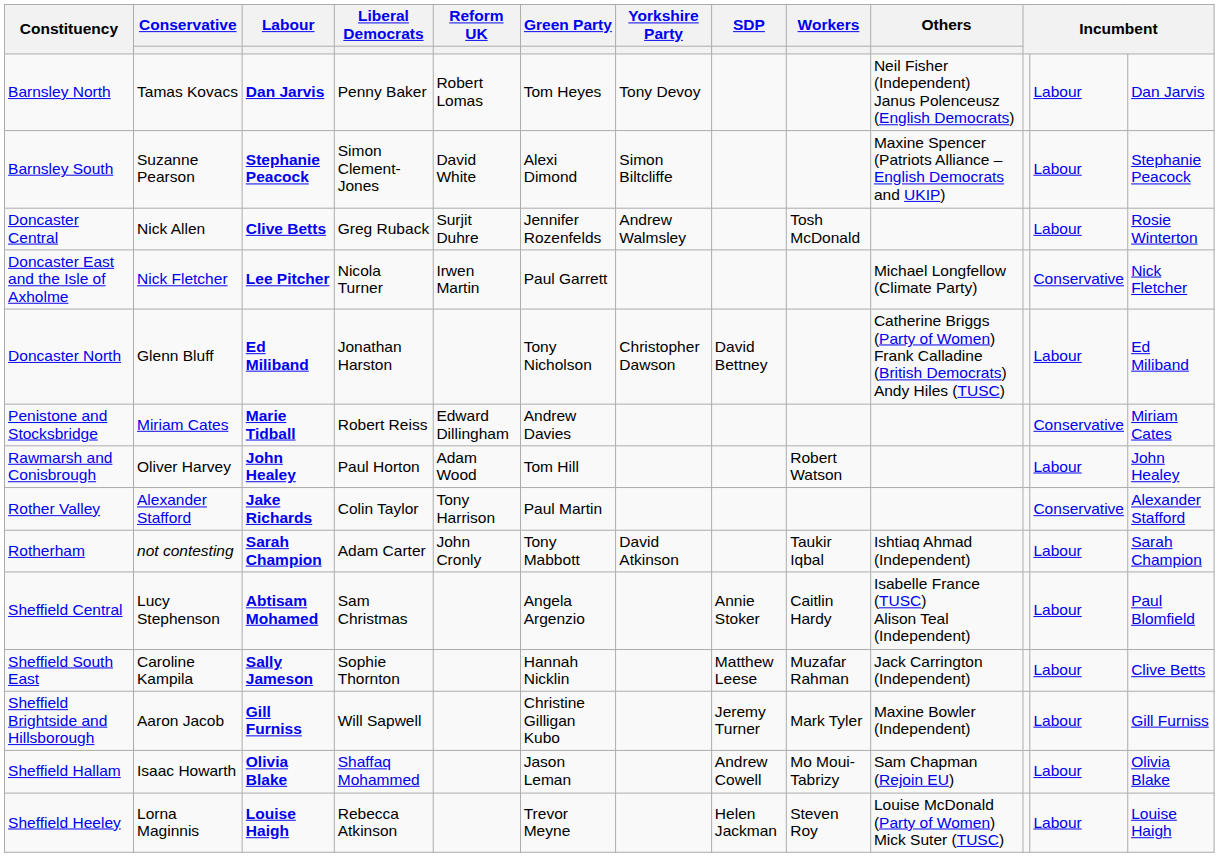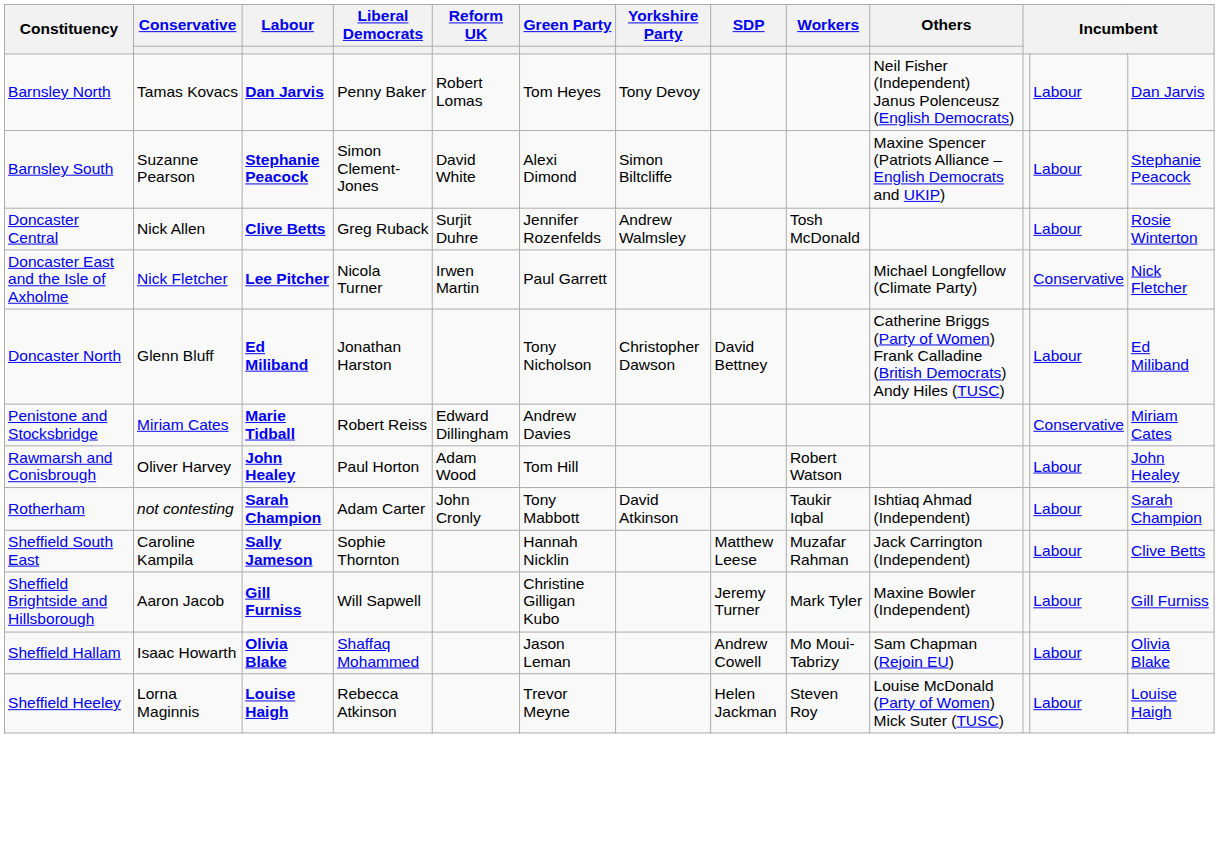 <table class="wikitable sortable sticky-header">
 <tr>
 <th rowspan="2">Constituency</th>
 <th><a href='#'>Conservative</a></th>
 <th><a href='#'>Labour</a></th>
 <th><a href='#'>Liberal Democrats</a></th>
 <th><a href='#'>Reform UK</a></th>
 <th><a href='#'>Green Party</a></th>
 <th><a href='#'>Yorkshire Party</a></th>
 <th><a href='#'>SDP</a></th>
 <th><a href='#'>Workers</a></th>
 <th>Others</th>
 <th colspan="3" rowspan="2">Incumbent</th>
 </tr>
 <tr>
 <th class="unsortable" style="background-color: "></th>
 <th class="unsortable" style="background-color: "></th>
 <th class="unsortable" style="background-color: "></th>
 <th class="unsortable" style="background-color: "></th>
 <th class="unsortable" style="background-color: "></th>
 <th class="unsortable" style="background-color: "></th>
 <th class="unsortable" style="background-color: "></th>
 <th class="unsortable" style="background-color: "></th>
 <th class="unsortable"></th>
 </tr>
 <tr>
 <td><a href='#'>Barnsley North</a></td>
 <td>Tamas Kovacs</td>
 <td><strong><a href='#'>Dan Jarvis</a></strong></td>
 <td>Penny Baker</td>
 <td>Robert Lomas</td>
 <td>Tom Heyes</td>
 <td>Tony Devoy</td>
 <td></td>
 <td></td>
 <td>Neil Fisher (Independent)<br>Janus Polenceusz (<a href='#'>English Democrats</a>)</td>
 <td></td>
 <td><a href='#'>Labour</a></td>
 <td><a href='#'>Dan Jarvis</a></td>
 </tr>
 <tr>
 <td><a href='#'>Barnsley South</a></td>
 <td>Suzanne Pearson</td>
 <td><strong><a href='#'>Stephanie Peacock</a></strong></td>
 <td>Simon Clement-Jones</td>
 <td>David White</td>
 <td>Alexi Dimond</td>
 <td>Simon Biltcliffe</td>
 <td></td>
 <td></td>
 <td>Maxine Spencer (Patriots Alliance – <a href='#'>English Democrats</a> and <a href='#'>UKIP</a>)</td>
 <td></td>
 <td><a href='#'>Labour</a></td>
 <td><a href='#'>Stephanie Peacock</a></td>
 </tr>
 <tr>
 <td><a href='#'>Doncaster Central</a></td>
 <td>Nick Allen</td>
 <td><strong><a href='#'>Clive Betts</a></strong></td>
 <td>Greg Ruback</td>
 <td>Surjit Duhre</td>
 <td>Jennifer Rozenfelds</td>
 <td>Andrew Walmsley</td>
 <td></td>
 <td>Tosh McDonald</td>
 <td></td>
 <td></td>
 <td><a href='#'>Labour</a></td>
 <td><a href='#'>Rosie Winterton</a></td>
 </tr>
 <tr>
 <td><a href='#'>Doncaster East and the Isle of Axholme</a></td>
 <td><a href='#'>Nick Fletcher</a></td>
 <td><strong><a href='#'>Lee Pitcher</a></strong></td>
 <td>Nicola Turner</td>
 <td>Irwen Martin</td>
 <td>Paul Garrett</td>
 <td></td>
 <td></td>
 <td></td>
 <td>Michael Longfellow (Climate Party)</td>
 <td></td>
 <td><a href='#'>Conservative</a></td>
 <td><a href='#'>Nick Fletcher</a></td>
 </tr>
 <tr>
 <td><a href='#'>Doncaster North</a></td>
 <td>Glenn Bluff</td>
 <td><strong><a href='#'>Ed Miliband</a></strong></td>
 <td>Jonathan Harston</td>
 <td></td>
 <td>Tony Nicholson</td>
 <td>Christopher Dawson</td>
 <td>David Bettney</td>
 <td></td>
 <td>Catherine Briggs (<a href='#'>Party of Women</a>)<br>Frank Calladine (<a href='#'>British Democrats</a>)<br>Andy Hiles (<a href='#'>TUSC</a>)</td>
 <td></td>
 <td><a href='#'>Labour</a></td>
 <td><a href='#'>Ed Miliband</a></td>
 </tr>
 <tr>
 <td><a href='#'>Penistone and Stocksbridge</a></td>
 <td><a href='#'>Miriam Cates</a></td>
 <td><strong><a href='#'>Marie Tidball</a></strong></td>
 <td>Robert Reiss</td>
 <td>Edward Dillingham</td>
 <td>Andrew Davies</td>
 <td></td>
 <td></td>
 <td></td>
 <td></td>
 <td></td>
 <td><a href='#'>Conservative</a></td>
 <td><a href='#'>Miriam Cates</a></td>
 </tr>
 <tr>
 <td><a href='#'>Rawmarsh and Conisbrough</a></td>
 <td>Oliver Harvey</td>
 <td><strong><a href='#'>John Healey</a></strong></td>
 <td>Paul Horton</td>
 <td>Adam Wood</td>
 <td>Tom Hill</td>
 <td></td>
 <td></td>
 <td>Robert Watson</td>
 <td></td>
 <td></td>
 <td><a href='#'>Labour</a></td>
 <td><a href='#'>John Healey</a></td>
 </tr>
 <tr>
-<td><a href='#'>Rother Valley</a></td>
-<td><a href='#'>Alexander Stafford</a></td>
-<td><strong><a href='#'>Jake Richards</a></strong></td>
-<td>Colin Taylor</td>
-<td>Tony Harrison</td>
-<td>Paul Martin</td>
-<td></td>
-<td></td>
-<td></td>
-<td></td>
-<td></td>
-<td><a href='#'>Conservative</a></td>
-<td><a href='#'>Alexander Stafford</a></td>
-</tr>
-<tr>
 <td><a href='#'>Rotherham</a></td>
 <td><em>not contesting</em></td>
 <td><strong><a href='#'>Sarah Champion</a></strong></td>
 <td>Adam Carter</td>
 <td>John Cronly</td>
 <td>Tony Mabbott</td>
 <td>David Atkinson</td>
 <td></td>
 <td>Taukir Iqbal</td>
 <td>Ishtiaq Ahmad (Independent)</td>
 <td></td>
 <td><a href='#'>Labour</a></td>
 <td><a href='#'>Sarah Champion</a></td>
-</tr>
-<tr>
-<td><a href='#'>Sheffield Central</a></td>
-<td>Lucy Stephenson</td>
-<td><strong><a href='#'>Abtisam Mohamed</a></strong></td>
-<td>Sam Christmas</td>
-<td></td>
-<td>Angela Argenzio</td>
-<td></td>
-<td>Annie Stoker</td>
-<td>Caitlin Hardy</td>
-<td>Isabelle France (<a href='#'>TUSC</a>)<br>Alison Teal (Independent)</td>
-<td></td>
-<td><a href='#'>Labour</a></td>
-<td><a href='#'>Paul Blomfield</a></td>
 </tr>
 <tr>
 <td><a href='#'>Sheffield South East</a></td>
 <td>Caroline Kampila</td>
 <td><strong><a href='#'>Sally Jameson</a></strong></td>
 <td>Sophie Thornton</td>
 <td></td>
 <td>Hannah Nicklin</td>
 <td></td>
 <td>Matthew Leese</td>
 <td>Muzafar Rahman</td>
 <td>Jack Carrington (Independent)</td>
 <td></td>
 <td><a href='#'>Labour</a></td>
 <td><a href='#'>Clive Betts</a></td>
 </tr>
 <tr>
 <td><a href='#'>Sheffield Brightside and Hillsborough</a></td>
 <td>Aaron Jacob</td>
 <td><strong><a href='#'>Gill Furniss</a></strong></td>
 <td>Will Sapwell</td>
 <td></td>
 <td>Christine Gilligan Kubo</td>
 <td></td>
 <td>Jeremy Turner</td>
 <td>Mark Tyler</td>
 <td>Maxine Bowler (Independent)</td>
 <td></td>
 <td><a href='#'>Labour</a></td>
 <td><a href='#'>Gill Furniss</a></td>
 </tr>
 <tr>
 <td><a href='#'>Sheffield Hallam</a></td>
 <td>Isaac Howarth</td>
 <td><strong><a href='#'>Olivia Blake</a></strong></td>
 <td><a href='#'>Shaffaq Mohammed</a></td>
 <td></td>
 <td>Jason Leman</td>
 <td></td>
 <td>Andrew Cowell</td>
 <td>Mo Moui-Tabrizy</td>
 <td>Sam Chapman (<a href='#'>Rejoin EU</a>)</td>
 <td></td>
 <td><a href='#'>Labour</a></td>
 <td><a href='#'>Olivia Blake</a></td>
 </tr>
 <tr>
 <td><a href='#'>Sheffield Heeley</a></td>
 <td>Lorna Maginnis</td>
 <td><strong><a href='#'>Louise Haigh</a></strong></td>
 <td>Rebecca Atkinson</td>
 <td></td>
 <td>Trevor Meyne</td>
 <td></td>
 <td>Helen Jackman</td>
 <td>Steven Roy</td>
 <td>Louise McDonald (<a href='#'>Party of Women</a>)<br>Mick Suter (<a href='#'>TUSC</a>)</td>
 <td></td>
 <td><a href='#'>Labour</a></td>
 <td><a href='#'>Louise Haigh</a></td>
 </tr>
 </table>
